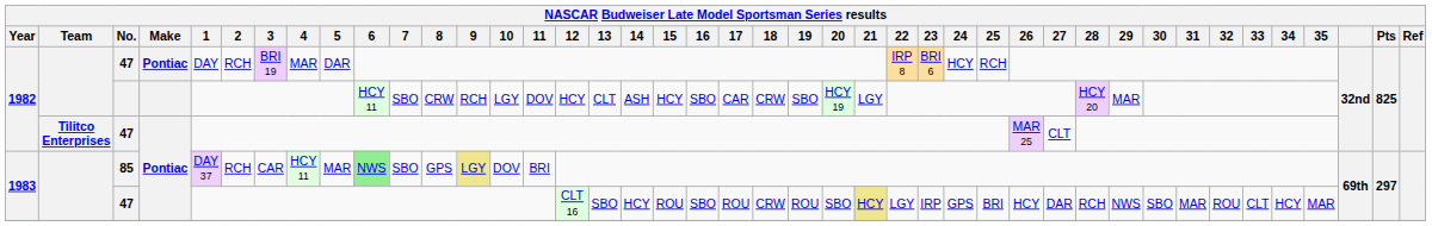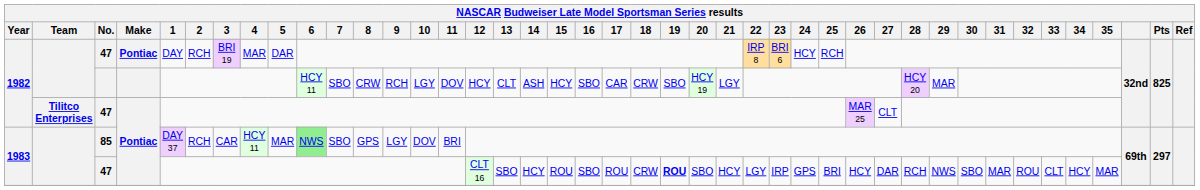 <table class="wikitable" style="text-align:center; font-size:75%">
 <tr>
 <th colspan=42><a href='#'>NASCAR</a> <a href='#'>Budweiser Late Model Sportsman Series</a> results</th>
 </tr>
 <tr>
 <th>Year</th>
 <th>Team</th>
 <th>No.</th>
 <th>Make</th>
 <th>1</th>
 <th>2</th>
 <th>3</th>
 <th>4</th>
 <th>5</th>
 <th>6</th>
 <th>7</th>
 <th>8</th>
 <th>9</th>
 <th>10</th>
 <th>11</th>
 <th>12</th>
 <th>13</th>
 <th>14</th>
 <th>15</th>
 <th>16</th>
 <th>17</th>
 <th>18</th>
 <th>19</th>
 <th>20</th>
 <th>21</th>
 <th>22</th>
 <th>23</th>
 <th>24</th>
 <th>25</th>
 <th>26</th>
 <th>27</th>
 <th>28</th>
 <th>29</th>
 <th>30</th>
 <th>31</th>
 <th>32</th>
 <th>33</th>
 <th>34</th>
 <th>35</th>
 <th></th>
 <th>Pts</th>
 <th>Ref</th>
 </tr>
 <tr>
 <th rowspan=3><a href='#'>1982</a></th>
 <th rowspan=2></th>
 <th>47</th>
 <th><a href='#'>Pontiac</a></th>
 <td><a href='#'>DAY</a></td>
 <td><a href='#'>RCH</a></td>
 <td style="background:#EFCFFF;"><a href='#'>BRI</a><br><small>19</small></td>
 <td><a href='#'>MAR</a></td>
 <td><a href='#'>DAR</a></td>
 <td colspan=16></td>
 <td style="background:#FFDF9F;"><a href='#'>IRP</a><br><small>8</small></td>
 <td style="background:#FFDF9F;"><a href='#'>BRI</a><br><small>6</small></td>
 <td><a href='#'>HCY</a></td>
 <td><a href='#'>RCH</a></td>
 <td colspan=10></td>
 <th rowspan=3>32nd</th>
 <th rowspan=3>825</th>
 <th rowspan=3></th>
 </tr>
 <tr>
 <th></th>
 <th></th>
 <td colspan=5></td>
 <td style="background:#DFFFDF;"><a href='#'>HCY</a><br><small>11</small></td>
 <td><a href='#'>SBO</a></td>
 <td><a href='#'>CRW</a></td>
 <td><a href='#'>RCH</a></td>
 <td><a href='#'>LGY</a></td>
 <td><a href='#'>DOV</a></td>
 <td><a href='#'>HCY</a></td>
 <td><a href='#'>CLT</a></td>
 <td><a href='#'>ASH</a></td>
 <td><a href='#'>HCY</a></td>
 <td><a href='#'>SBO</a></td>
 <td><a href='#'>CAR</a></td>
 <td><a href='#'>CRW</a></td>
 <td><a href='#'>SBO</a></td>
 <td style="background:#DFFFDF;"><a href='#'>HCY</a><br><small>19</small></td>
 <td><a href='#'>LGY</a></td>
 <td colspan=6></td>
 <td style="background:#EFCFFF;"><a href='#'>HCY</a><br><small>20</small></td>
 <td><a href='#'>MAR</a></td>
 <td colspan=6></td>
 </tr>
 <tr>
 <th><a href='#'>Tilitco Enterprises</a></th>
 <th>47</th>
 <th rowspan=3><a href='#'>Pontiac</a></th>
 <td colspan=25></td>
 <td style="background:#EFCFFF;"><a href='#'>MAR</a><br><small>25</small></td>
 <td><a href='#'>CLT</a></td>
 <td colspan=8></td>
 </tr>
 <tr>
 <th rowspan=2><a href='#'>1983</a></th>
 <th rowspan=2></th>
 <th>85</th>
 <td style="background:#EFCFFF;"><a href='#'>DAY</a><br><small>37</small></td>
 <td><a href='#'>RCH</a></td>
 <td><a href='#'>CAR</a></td>
 <td style="background:#DFFFDF;"><a href='#'>HCY</a><br><small>11</small></td>
 <td><a href='#'>MAR</a></td>
 <td style="background: lightgreen;"><a href='#'>NWS</a></td>
 <td><a href='#'>SBO</a></td>
 <td><a href='#'>GPS</a></td>
-<td style="background: khaki;"><a href='#'>LGY</a></td>
+<td><a href='#'>LGY</a></td>
 <td><a href='#'>DOV</a></td>
 <td><a href='#'>BRI</a></td>
 <td colspan=24></td>
 <th rowspan=2>69th</th>
 <th rowspan=2>297</th>
 <th rowspan=2></th>
 </tr>
 <tr>
 <th>47</th>
 <td colspan=11></td>
 <td style="background:#DFFFDF;"><a href='#'>CLT</a><br><small>16</small></td>
 <td><a href='#'>SBO</a></td>
 <td><a href='#'>HCY</a></td>
 <td><a href='#'>ROU</a></td>
 <td><a href='#'>SBO</a></td>
 <td><a href='#'>ROU</a></td>
 <td><a href='#'>CRW</a></td>
-<td><a href='#'>ROU</a></td>
+<td><strong><a href='#'>ROU</a></strong></td>
 <td><a href='#'>SBO</a></td>
-<td style="background: khaki;"><a href='#'>HCY</a></td>
+<td><a href='#'>HCY</a></td>
 <td><a href='#'>LGY</a></td>
 <td><a href='#'>IRP</a></td>
 <td><a href='#'>GPS</a></td>
 <td><a href='#'>BRI</a></td>
 <td><a href='#'>HCY</a></td>
 <td><a href='#'>DAR</a></td>
 <td><a href='#'>RCH</a></td>
 <td><a href='#'>NWS</a></td>
 <td><a href='#'>SBO</a></td>
 <td><a href='#'>MAR</a></td>
 <td><a href='#'>ROU</a></td>
 <td><a href='#'>CLT</a></td>
 <td><a href='#'>HCY</a></td>
 <td><a href='#'>MAR</a></td>
 </tr>
 <tr>
 </tr>
 </table>
